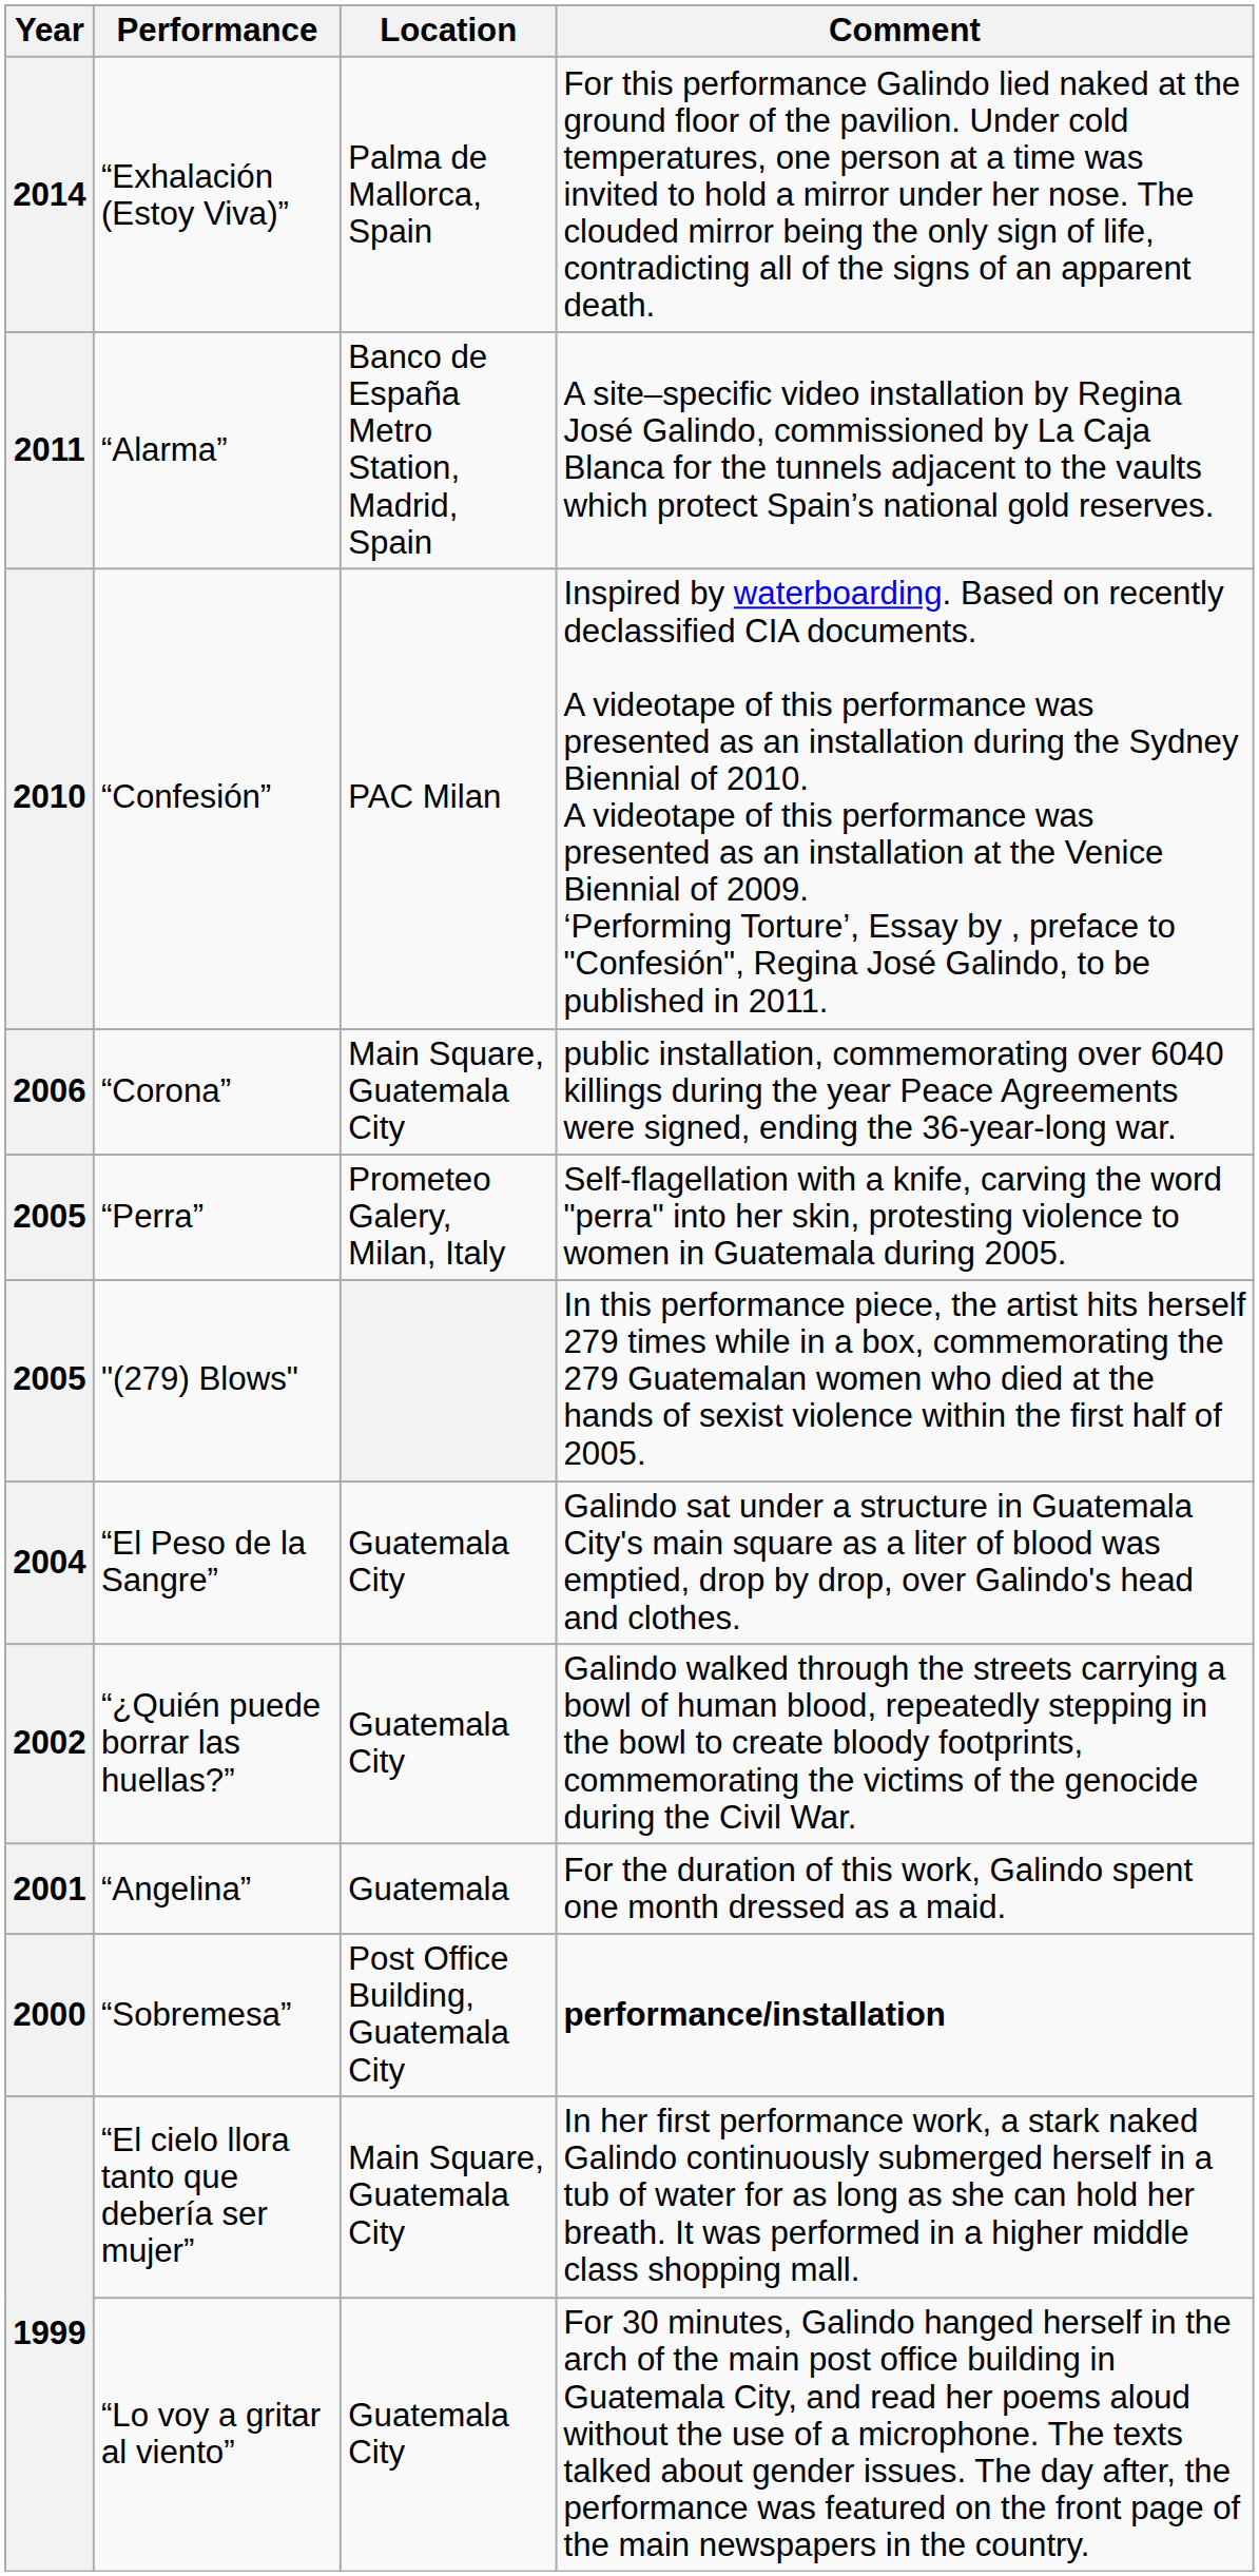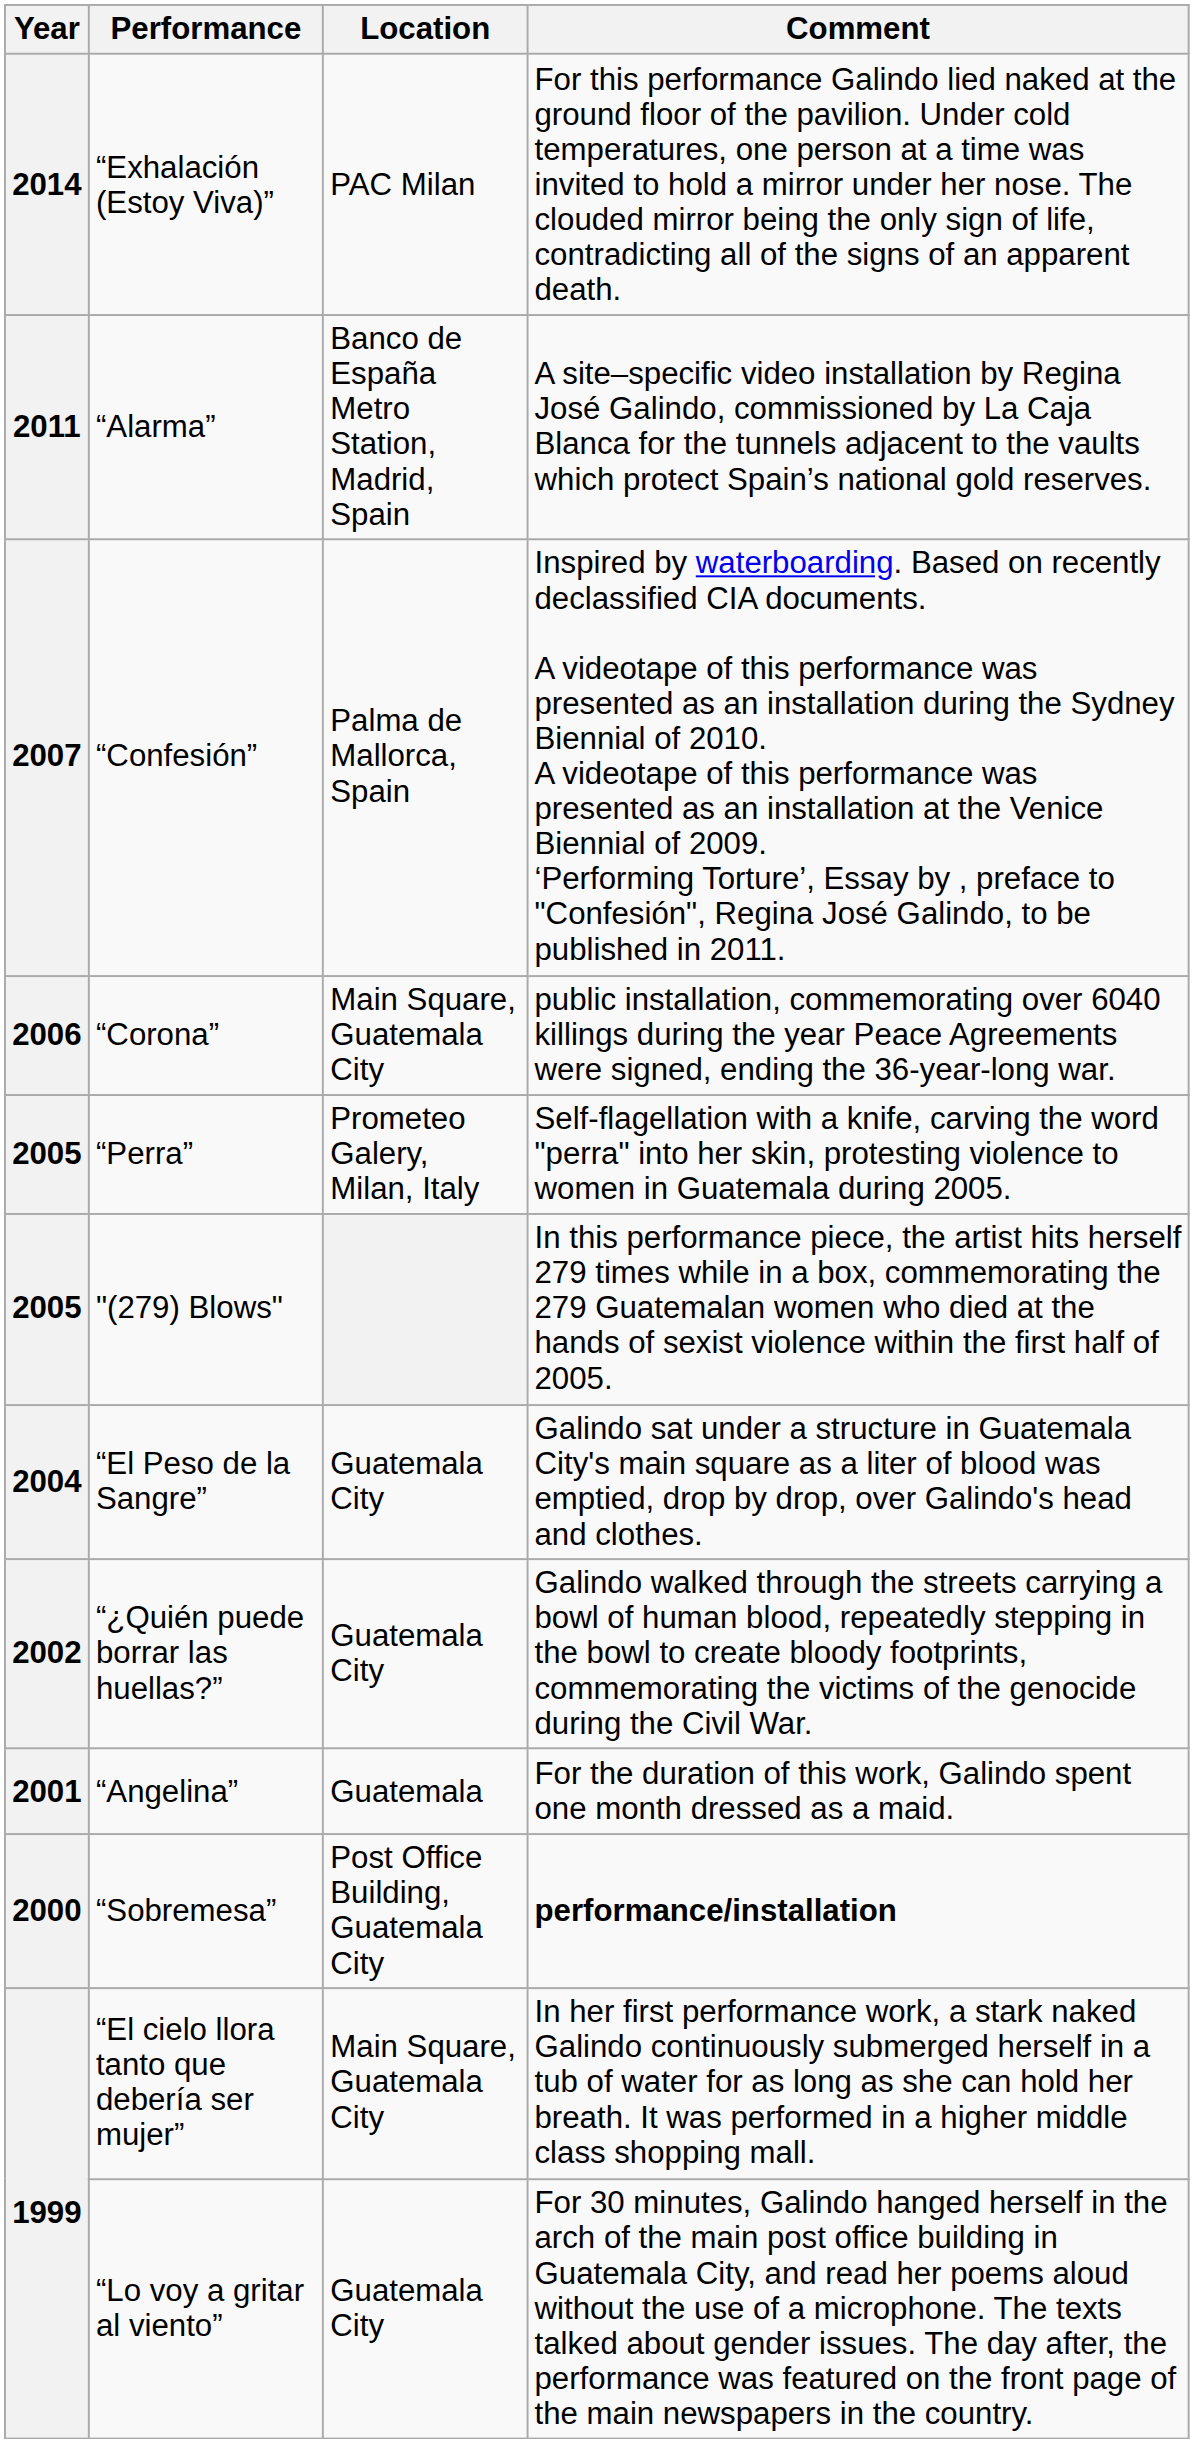 <table class="wikitable">
 <tr>
 <th>Year</th>
 <th>Performance</th>
 <th>Location</th>
 <th>Comment</th>
 </tr>
 <tr>
 <th>2014</th>
 <td>“Exhalación (Estoy Viva)”</td>
-<td>Palma de Mallorca, Spain</td>
+<td>PAC Milan</td>
 <td>For this performance Galindo lied naked at the ground floor of the pavilion. Under cold temperatures, one person at a time was invited to hold a mirror under her nose. The clouded mirror being the only sign of life, contradicting all of the signs of an apparent death.</td>
 </tr>
 <tr 2013 Tierra (“Earth,” 2013) The artist explores the connection between the exploitation of human lives and natural resources. The video shows the artist standing naked and motionless in a field while an excavator digs an enormous ditch around her, leaving only the small piece of land on which the artist is standing. The work reinterprets one of the massacres of Indigenous people that came to attention in 2012 during the trial of Guatemala’s former dictator Efraín Rios Montt.>
 <th>2011</th>
 <td>“Alarma”</td>
 <td>Banco de España Metro Station, Madrid, Spain</td>
 <td>A site–specific video installation by Regina José Galindo, commissioned by La Caja Blanca for the tunnels adjacent to the vaults which protect Spain’s national gold reserves.</td>
 </tr>
 <tr>
-<th>2010</th>
+<th>2007</th>
 <td>“Confesión”</td>
-<td>PAC Milan</td>
+<td>Palma de Mallorca, Spain</td>
 <td>Inspired by <a href='#'>waterboarding</a>. Based on recently declassified CIA documents.<br><br>A videotape of this performance was presented as an installation during the Sydney Biennial of 2010. <br>A videotape of this performance was presented as an installation at the Venice Biennial of 2009. <br> ‘Performing Torture’, Essay by , preface to "Confesión", Regina José Galindo, to be published in 2011.</td>
 </tr>
 <tr>
 <th>2006</th>
 <td>“Corona”</td>
 <td>Main Square, Guatemala City</td>
 <td>public installation, commemorating over 6040 killings during the year Peace Agreements were signed, ending the 36-year-long war.</td>
 </tr>
 <tr>
 <th>2005</th>
 <td>“Perra”</td>
 <td>Prometeo Galery, Milan, Italy</td>
 <td>Self-flagellation with a knife, carving the word "perra" into her skin, protesting violence to women in Guatemala during 2005.</td>
 </tr>
 <tr>
 <th>2005</th>
 <td>"(279) Blows"</td>
 <th></th>
 <td>In this performance piece, the artist hits herself 279 times while in a box, commemorating the 279 Guatemalan women who died at the hands of sexist violence within the first half of 2005.</td>
 </tr>
 <tr>
 <th>2004</th>
 <td>“El Peso de la Sangre”</td>
 <td>Guatemala City</td>
 <td>Galindo sat under a structure in Guatemala City's main square as a liter of blood was emptied, drop by drop, over Galindo's head and clothes.</td>
 </tr>
 <tr>
 <th>2002</th>
 <td>“¿Quién puede borrar las huellas?”</td>
 <td>Guatemala City</td>
 <td>Galindo walked through the streets carrying a bowl of human blood, repeatedly stepping in the bowl to create bloody footprints, commemorating the victims of the genocide during the Civil War.</td>
 </tr>
 <tr>
 <th>2001</th>
 <td>“Angelina”</td>
 <td>Guatemala</td>
 <td>For the duration of this work, Galindo spent one month dressed as a maid.</td>
 </tr>
 <tr>
 <th>2000</th>
 <td>“Sobremesa”</td>
 <td>Post Office Building, Guatemala City</td>
 <td><strong>performance/installation</strong></td>
 </tr>
 <tr>
 <th rowspan="2">1999</th>
 <td>“El cielo llora tanto que debería ser mujer”</td>
 <td>Main Square, Guatemala City</td>
 <td>In her first performance work, a stark naked Galindo continuously submerged herself in a tub of water for as long as she can hold her breath. It was performed in a higher middle class shopping mall.</td>
 </tr>
 <tr>
 <td>“Lo voy a gritar al viento”</td>
 <td>Guatemala City</td>
 <td>For 30 minutes, Galindo hanged herself in the arch of the main post office building in Guatemala City, and read her poems aloud without the use of a microphone. The texts talked about gender issues. The day after, the performance was featured on the front page of the main newspapers in the country.</td>
 </tr>
 </table>
